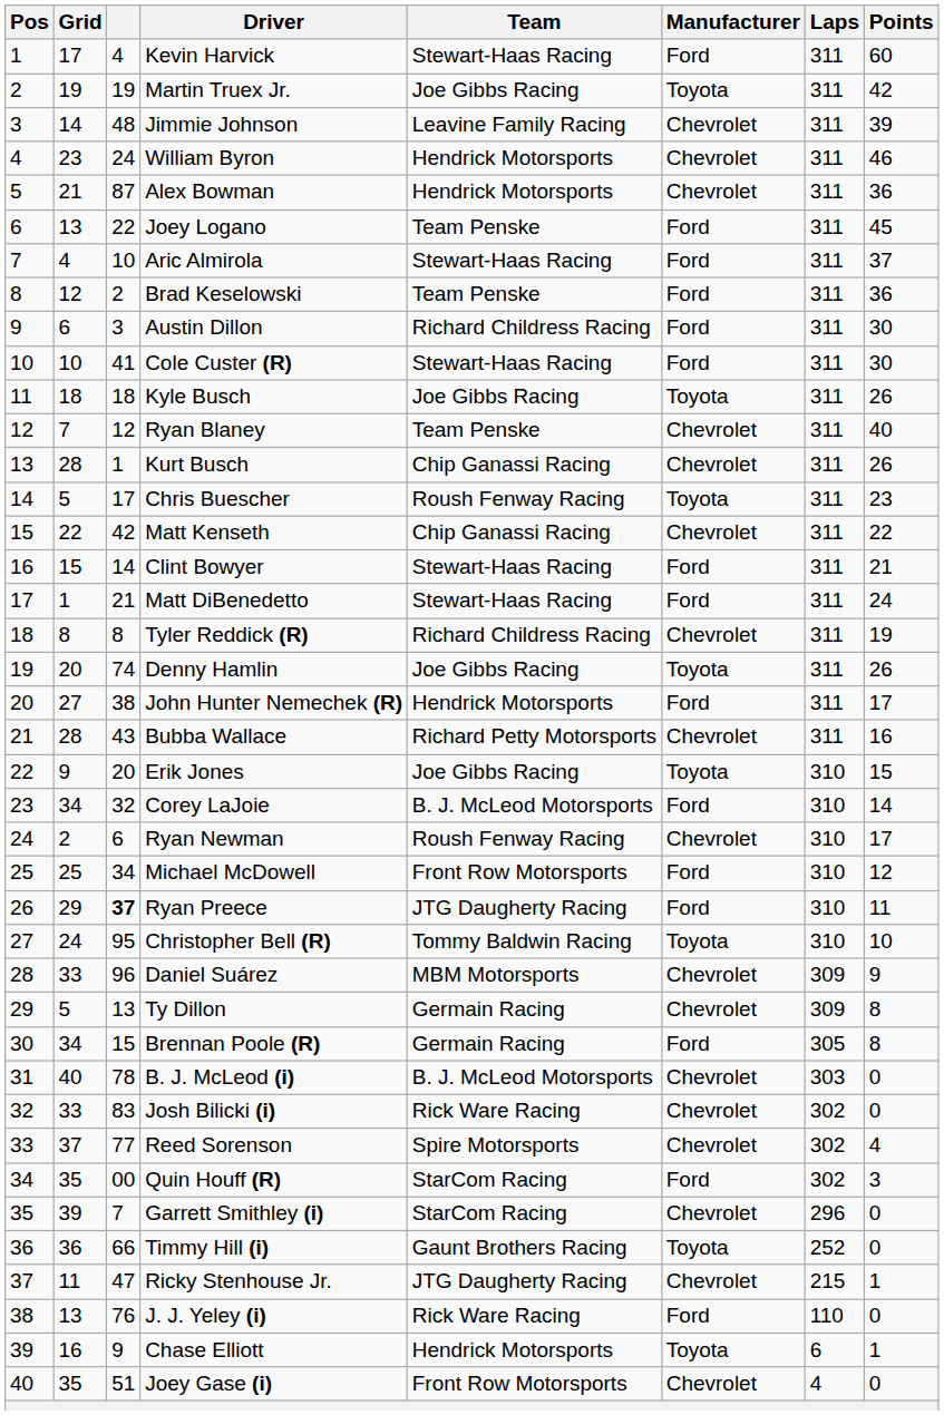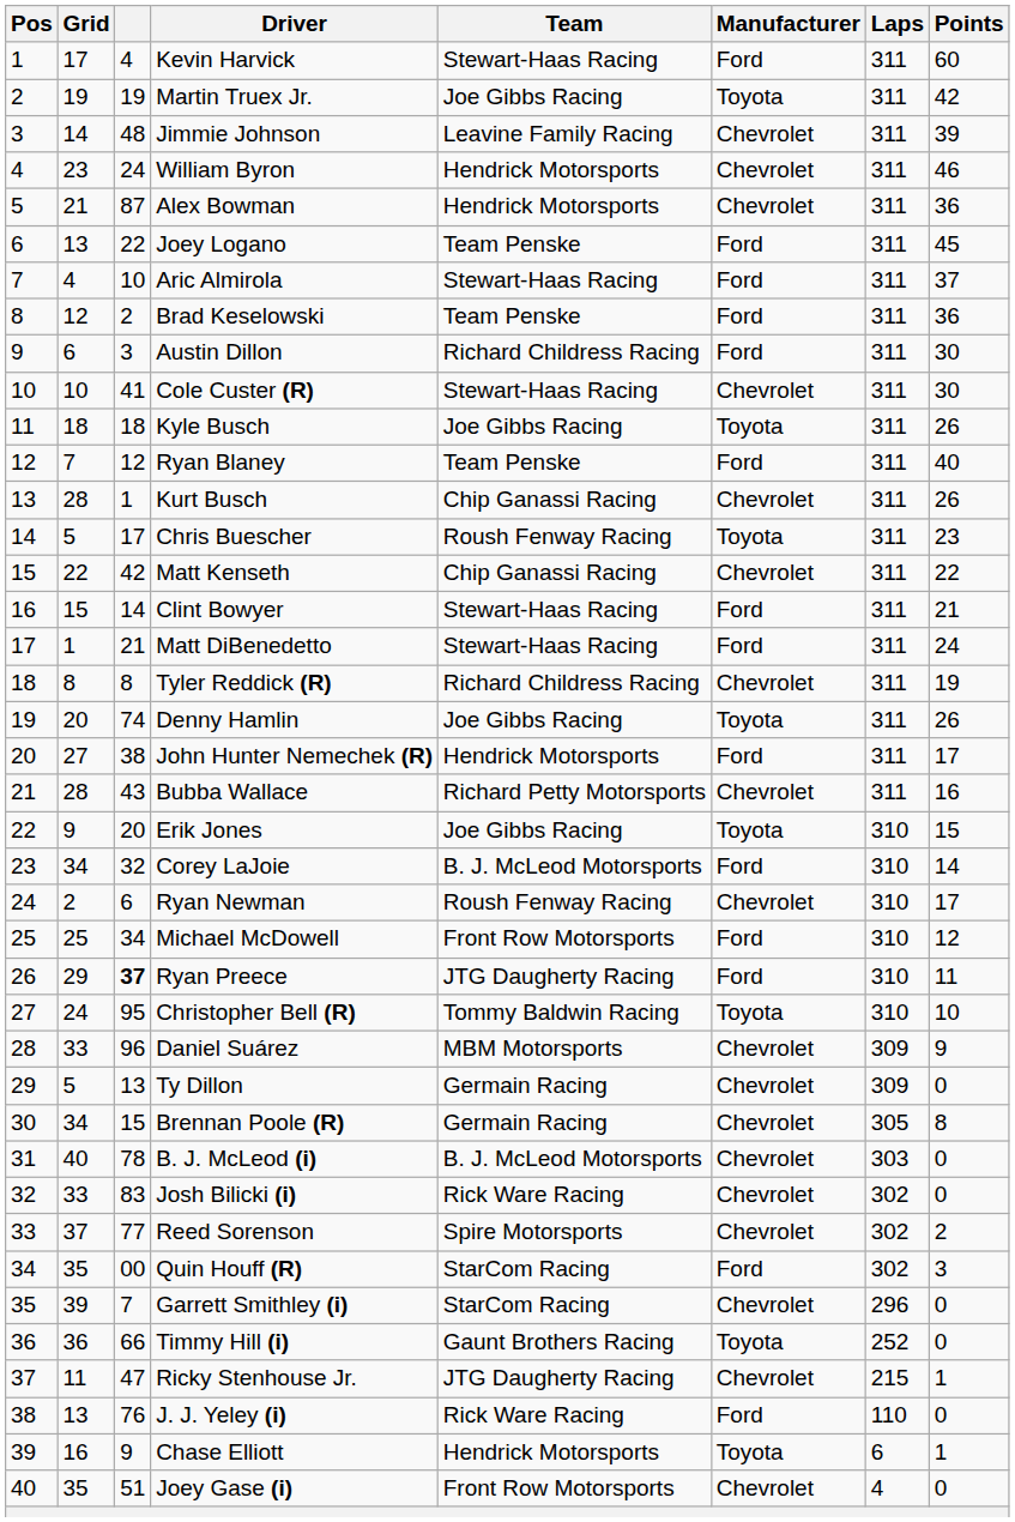 <table class="wikitable" style="font-size:98%">
 <tr>
 <th>Pos</th>
 <th>Grid</th>
 <th></th>
 <th>Driver</th>
 <th>Team</th>
 <th>Manufacturer</th>
 <th>Laps</th>
 <th>Points</th>
 </tr>
 <tr>
 <td>1</td>
 <td>17</td>
 <td>4</td>
 <td>Kevin Harvick</td>
 <td>Stewart-Haas Racing</td>
 <td>Ford</td>
 <td>311</td>
 <td>60</td>
 </tr>
 <tr>
 <td>2</td>
 <td>19</td>
 <td>19</td>
 <td>Martin Truex Jr.</td>
 <td>Joe Gibbs Racing</td>
 <td>Toyota</td>
 <td>311</td>
 <td>42</td>
 </tr>
 <tr>
 <td>3</td>
 <td>14</td>
 <td>48</td>
 <td>Jimmie Johnson</td>
 <td>Leavine Family Racing</td>
 <td>Chevrolet</td>
 <td>311</td>
 <td>39</td>
 </tr>
 <tr>
 <td>4</td>
 <td>23</td>
 <td>24</td>
 <td>William Byron</td>
 <td>Hendrick Motorsports</td>
 <td>Chevrolet</td>
 <td>311</td>
 <td>46</td>
 </tr>
 <tr>
 <td>5</td>
 <td>21</td>
 <td>87</td>
 <td>Alex Bowman</td>
 <td>Hendrick Motorsports</td>
 <td>Chevrolet</td>
 <td>311</td>
 <td>36</td>
 </tr>
 <tr>
 <td>6</td>
 <td>13</td>
 <td>22</td>
 <td>Joey Logano</td>
 <td>Team Penske</td>
 <td>Ford</td>
 <td>311</td>
 <td>45</td>
 </tr>
 <tr>
 <td>7</td>
 <td>4</td>
 <td>10</td>
 <td>Aric Almirola</td>
 <td>Stewart-Haas Racing</td>
 <td>Ford</td>
 <td>311</td>
 <td>37</td>
 </tr>
 <tr>
 <td>8</td>
 <td>12</td>
 <td>2</td>
 <td>Brad Keselowski</td>
 <td>Team Penske</td>
 <td>Ford</td>
 <td>311</td>
 <td>36</td>
 </tr>
 <tr>
 <td>9</td>
 <td>6</td>
 <td>3</td>
 <td>Austin Dillon</td>
 <td>Richard Childress Racing</td>
 <td>Ford</td>
 <td>311</td>
 <td>30</td>
 </tr>
 <tr>
 <td>10</td>
 <td>10</td>
 <td>41</td>
 <td>Cole Custer <strong>(R)</strong></td>
 <td>Stewart-Haas  Racing</td>
-<td>Ford</td>
+<td>Chevrolet</td>
 <td>311</td>
 <td>30</td>
 </tr>
 <tr>
 <td>11</td>
 <td>18</td>
 <td>18</td>
 <td>Kyle Busch</td>
 <td>Joe  Gibbs Racing</td>
 <td>Toyota</td>
 <td>311</td>
 <td>26</td>
 </tr>
 <tr>
 <td>12</td>
 <td>7</td>
 <td>12</td>
 <td>Ryan Blaney</td>
 <td>Team Penske</td>
-<td>Chevrolet</td>
+<td>Ford</td>
 <td>311</td>
 <td>40</td>
 </tr>
 <tr>
 <td>13</td>
 <td>28</td>
 <td>1</td>
 <td>Kurt Busch</td>
 <td>Chip  Ganassi Racing</td>
 <td>Chevrolet</td>
 <td>311</td>
 <td>26</td>
 </tr>
 <tr>
 <td>14</td>
 <td>5</td>
 <td>17</td>
 <td>Chris Buescher</td>
 <td>Roush Fenway Racing</td>
 <td>Toyota</td>
 <td>311</td>
 <td>23</td>
 </tr>
 <tr>
 <td>15</td>
 <td>22</td>
 <td>42</td>
 <td>Matt Kenseth</td>
 <td>Chip Ganassi Racing</td>
 <td>Chevrolet</td>
 <td>311</td>
 <td>22</td>
 </tr>
 <tr>
 <td>16</td>
 <td>15</td>
 <td>14</td>
 <td>Clint Bowyer</td>
 <td>Stewart-Haas Racing</td>
 <td>Ford</td>
 <td>311</td>
 <td>21</td>
 </tr>
 <tr>
 <td>17</td>
 <td>1</td>
 <td>21</td>
 <td>Matt DiBenedetto</td>
 <td>Stewart-Haas Racing</td>
 <td>Ford</td>
 <td>311</td>
 <td>24</td>
 </tr>
 <tr>
 <td>18</td>
 <td>8</td>
 <td>8</td>
 <td>Tyler Reddick <strong>(R)</strong></td>
 <td>Richard Childress Racing</td>
 <td>Chevrolet</td>
 <td>311</td>
 <td>19</td>
 </tr>
 <tr>
 <td>19</td>
 <td>20</td>
 <td>74</td>
 <td>Denny Hamlin</td>
 <td>Joe Gibbs Racing</td>
 <td>Toyota</td>
 <td>311</td>
 <td>26</td>
 </tr>
 <tr>
 <td>20</td>
 <td>27</td>
 <td>38</td>
 <td>John Hunter Nemechek <strong>(R)</strong></td>
 <td>Hendrick Motorsports</td>
 <td>Ford</td>
 <td>311</td>
 <td>17</td>
 </tr>
 <tr>
 <td>21</td>
 <td>28</td>
 <td>43</td>
 <td>Bubba Wallace</td>
 <td>Richard Petty Motorsports</td>
 <td>Chevrolet</td>
 <td>311</td>
 <td>16</td>
 </tr>
 <tr>
 <td>22</td>
 <td>9</td>
 <td>20</td>
 <td>Erik Jones</td>
 <td>Joe Gibbs Racing</td>
 <td>Toyota</td>
 <td>310</td>
 <td>15</td>
 </tr>
 <tr>
 <td>23</td>
 <td>34</td>
 <td>32</td>
 <td>Corey LaJoie</td>
 <td>B. J. McLeod Motorsports</td>
 <td>Ford</td>
 <td>310</td>
 <td>14</td>
 </tr>
 <tr>
 <td>24</td>
 <td>2</td>
 <td>6</td>
 <td>Ryan Newman</td>
 <td>Roush Fenway Racing</td>
 <td>Chevrolet</td>
 <td>310</td>
 <td>17</td>
 </tr>
 <tr>
 <td>25</td>
 <td>25</td>
 <td>34</td>
 <td>Michael McDowell</td>
 <td>Front Row Motorsports</td>
 <td>Ford</td>
 <td>310</td>
 <td>12</td>
 </tr>
 <tr>
 <td>26</td>
 <td>29</td>
 <td><strong>37</strong></td>
 <td>Ryan Preece</td>
 <td>JTG Daugherty Racing</td>
 <td>Ford</td>
 <td>310</td>
 <td>11</td>
 </tr>
 <tr>
 <td>27</td>
 <td>24</td>
 <td>95</td>
 <td>Christopher Bell <strong>(R)</strong></td>
 <td>Tommy Baldwin Racing</td>
 <td>Toyota</td>
 <td>310</td>
 <td>10</td>
 </tr>
 <tr>
 <td>28</td>
 <td>33</td>
 <td>96</td>
 <td>Daniel Suárez</td>
 <td>MBM Motorsports</td>
 <td>Chevrolet</td>
 <td>309</td>
 <td>9</td>
 </tr>
 <tr>
 <td>29</td>
 <td>5</td>
 <td>13</td>
 <td>Ty Dillon</td>
 <td>Germain Racing</td>
 <td>Chevrolet</td>
 <td>309</td>
-<td>8</td>
+<td>0</td>
 </tr>
 <tr>
 <td>30</td>
 <td>34</td>
 <td>15</td>
 <td>Brennan Poole <strong>(R)</strong></td>
 <td>Germain Racing</td>
-<td>Ford</td>
+<td>Chevrolet</td>
 <td>305</td>
 <td>8</td>
 </tr>
 <tr>
 <td>31</td>
 <td>40</td>
 <td>78</td>
 <td>B. J. McLeod <strong>(i)</strong></td>
 <td>B. J. McLeod Motorsports</td>
 <td>Chevrolet</td>
 <td>303</td>
 <td>0</td>
 </tr>
 <tr>
 <td>32</td>
 <td>33</td>
 <td>83</td>
 <td>Josh Bilicki <strong>(i)</strong></td>
 <td>Rick Ware Racing</td>
 <td>Chevrolet</td>
 <td>302</td>
 <td>0</td>
 </tr>
 <tr>
 <td>33</td>
 <td>37</td>
 <td>77</td>
 <td>Reed Sorenson</td>
 <td>Spire Motorsports</td>
 <td>Chevrolet</td>
 <td>302</td>
-<td>4</td>
+<td>2</td>
 </tr>
 <tr>
 <td>34</td>
 <td>35</td>
 <td>00</td>
 <td>Quin Houff <strong>(R)</strong></td>
 <td>StarCom Racing</td>
 <td>Ford</td>
 <td>302</td>
 <td>3</td>
 </tr>
 <tr>
 <td>35</td>
 <td>39</td>
 <td>7</td>
 <td>Garrett Smithley <strong>(i)</strong></td>
 <td>StarCom Racing</td>
 <td>Chevrolet</td>
 <td>296</td>
 <td>0</td>
 </tr>
 <tr>
 <td>36</td>
 <td>36</td>
 <td>66</td>
 <td>Timmy Hill <strong>(i)</strong></td>
 <td>Gaunt Brothers Racing</td>
 <td>Toyota</td>
 <td>252</td>
 <td>0</td>
 </tr>
 <tr>
 <td>37</td>
 <td>11</td>
 <td>47</td>
 <td>Ricky Stenhouse Jr.</td>
 <td>JTG Daugherty Racing</td>
 <td>Chevrolet</td>
 <td>215</td>
 <td>1</td>
 </tr>
 <tr>
 <td>38</td>
 <td>13</td>
 <td>76</td>
 <td>J. J. Yeley <strong>(i)</strong></td>
 <td>Rick Ware Racing</td>
 <td>Ford</td>
 <td>110</td>
 <td>0</td>
 </tr>
 <tr>
 <td>39</td>
 <td>16</td>
 <td>9</td>
 <td>Chase Elliott</td>
 <td>Hendrick Motorsports</td>
 <td>Toyota</td>
 <td>6</td>
 <td>1</td>
 </tr>
 <tr>
 <td>40</td>
 <td>35</td>
 <td>51</td>
 <td>Joey Gase <strong>(i)</strong></td>
 <td>Front Row Motorsports</td>
 <td>Chevrolet</td>
 <td>4</td>
 <td>0</td>
 </tr>
 <tr>
 <th colspan="8"></th>
 </tr>
 </table>
